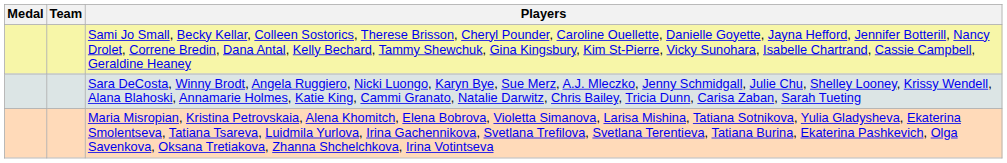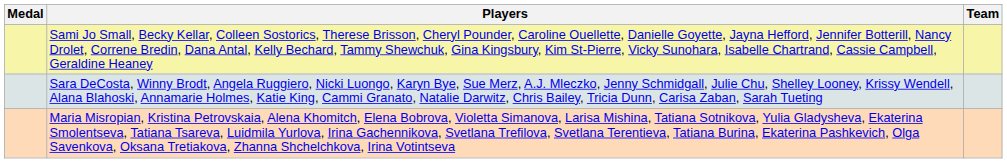 <table class="wikitable">
 <tr>
 <th>Medal</th>
+<th>Players</th>
 <th>Team</th>
-<th>Players</th>
 </tr>
 <tr style="background-color:#F7F6A8">
 <td style="text-align:center;"></td>
+<td><a href='#'>Sami Jo Small</a>, <a href='#'>Becky Kellar</a>, <a href='#'>Colleen Sostorics</a>, <a href='#'>Therese Brisson</a>, <a href='#'>Cheryl Pounder</a>, <a href='#'>Caroline Ouellette</a>, <a href='#'>Danielle Goyette</a>, <a href='#'>Jayna Hefford</a>, <a href='#'>Jennifer Botterill</a>, <a href='#'>Nancy Drolet</a>, <a href='#'>Correne Bredin</a>, <a href='#'>Dana Antal</a>, <a href='#'>Kelly Bechard</a>, <a href='#'>Tammy Shewchuk</a>, <a href='#'>Gina Kingsbury</a>, <a href='#'>Kim St-Pierre</a>, <a href='#'>Vicky Sunohara</a>, <a href='#'>Isabelle Chartrand</a>, <a href='#'>Cassie Campbell</a>, <a href='#'>Geraldine Heaney</a></td>
 <td style="white-space:nowrap;"></td>
-<td><a href='#'>Sami Jo Small</a>, <a href='#'>Becky Kellar</a>, <a href='#'>Colleen Sostorics</a>, <a href='#'>Therese Brisson</a>, <a href='#'>Cheryl Pounder</a>, <a href='#'>Caroline Ouellette</a>, <a href='#'>Danielle Goyette</a>, <a href='#'>Jayna Hefford</a>, <a href='#'>Jennifer Botterill</a>, <a href='#'>Nancy Drolet</a>, <a href='#'>Correne Bredin</a>, <a href='#'>Dana Antal</a>, <a href='#'>Kelly Bechard</a>, <a href='#'>Tammy Shewchuk</a>, <a href='#'>Gina Kingsbury</a>, <a href='#'>Kim St-Pierre</a>, <a href='#'>Vicky Sunohara</a>, <a href='#'>Isabelle Chartrand</a>, <a href='#'>Cassie Campbell</a>, <a href='#'>Geraldine Heaney</a></td>
 </tr>
 <tr style="background-color:#DCE5E5">
 <td style="text-align:center;"></td>
+<td><a href='#'>Sara DeCosta</a>, <a href='#'>Winny Brodt</a>, <a href='#'>Angela Ruggiero</a>, <a href='#'>Nicki Luongo</a>, <a href='#'>Karyn Bye</a>, <a href='#'>Sue Merz</a>, <a href='#'>A.J. Mleczko</a>, <a href='#'>Jenny Schmidgall</a>, <a href='#'>Julie Chu</a>, <a href='#'>Shelley Looney</a>, <a href='#'>Krissy Wendell</a>, <a href='#'>Alana Blahoski</a>, <a href='#'>Annamarie Holmes</a>, <a href='#'>Katie King</a>, <a href='#'>Cammi Granato</a>, <a href='#'>Natalie Darwitz</a>, <a href='#'>Chris Bailey</a>, <a href='#'>Tricia Dunn</a>, <a href='#'>Carisa Zaban</a>, <a href='#'>Sarah Tueting</a></td>
 <td style="white-space:nowrap;"></td>
-<td><a href='#'>Sara DeCosta</a>, <a href='#'>Winny Brodt</a>, <a href='#'>Angela Ruggiero</a>, <a href='#'>Nicki Luongo</a>, <a href='#'>Karyn Bye</a>, <a href='#'>Sue Merz</a>, <a href='#'>A.J. Mleczko</a>, <a href='#'>Jenny Schmidgall</a>, <a href='#'>Julie Chu</a>, <a href='#'>Shelley Looney</a>, <a href='#'>Krissy Wendell</a>, <a href='#'>Alana Blahoski</a>, <a href='#'>Annamarie Holmes</a>, <a href='#'>Katie King</a>, <a href='#'>Cammi Granato</a>, <a href='#'>Natalie Darwitz</a>, <a href='#'>Chris Bailey</a>, <a href='#'>Tricia Dunn</a>, <a href='#'>Carisa Zaban</a>, <a href='#'>Sarah Tueting</a></td>
 </tr>
 <tr style="background-color:#FFDAB9">
 <td style="text-align:center;"></td>
+<td><a href='#'>Maria Misropian</a>, <a href='#'>Kristina Petrovskaia</a>, <a href='#'>Alena Khomitch</a>, <a href='#'>Elena Bobrova</a>, <a href='#'>Violetta Simanova</a>, <a href='#'>Larisa Mishina</a>, <a href='#'>Tatiana Sotnikova</a>, <a href='#'>Yulia Gladysheva</a>, <a href='#'>Ekaterina Smolentseva</a>, <a href='#'>Tatiana Tsareva</a>, <a href='#'>Luidmila Yurlova</a>, <a href='#'>Irina Gachennikova</a>, <a href='#'>Svetlana Trefilova</a>, <a href='#'>Svetlana Terentieva</a>, <a href='#'>Tatiana Burina</a>, <a href='#'>Ekaterina Pashkevich</a>, <a href='#'>Olga Savenkova</a>, <a href='#'>Oksana Tretiakova</a>, <a href='#'>Zhanna Shchelchkova</a>, <a href='#'>Irina Votintseva</a></td>
 <td style="white-space:nowrap;"></td>
-<td><a href='#'>Maria Misropian</a>, <a href='#'>Kristina Petrovskaia</a>, <a href='#'>Alena Khomitch</a>, <a href='#'>Elena Bobrova</a>, <a href='#'>Violetta Simanova</a>, <a href='#'>Larisa Mishina</a>, <a href='#'>Tatiana Sotnikova</a>, <a href='#'>Yulia Gladysheva</a>, <a href='#'>Ekaterina Smolentseva</a>, <a href='#'>Tatiana Tsareva</a>, <a href='#'>Luidmila Yurlova</a>, <a href='#'>Irina Gachennikova</a>, <a href='#'>Svetlana Trefilova</a>, <a href='#'>Svetlana Terentieva</a>, <a href='#'>Tatiana Burina</a>, <a href='#'>Ekaterina Pashkevich</a>, <a href='#'>Olga Savenkova</a>, <a href='#'>Oksana Tretiakova</a>, <a href='#'>Zhanna Shchelchkova</a>, <a href='#'>Irina Votintseva</a></td>
 </tr>
 </table>
